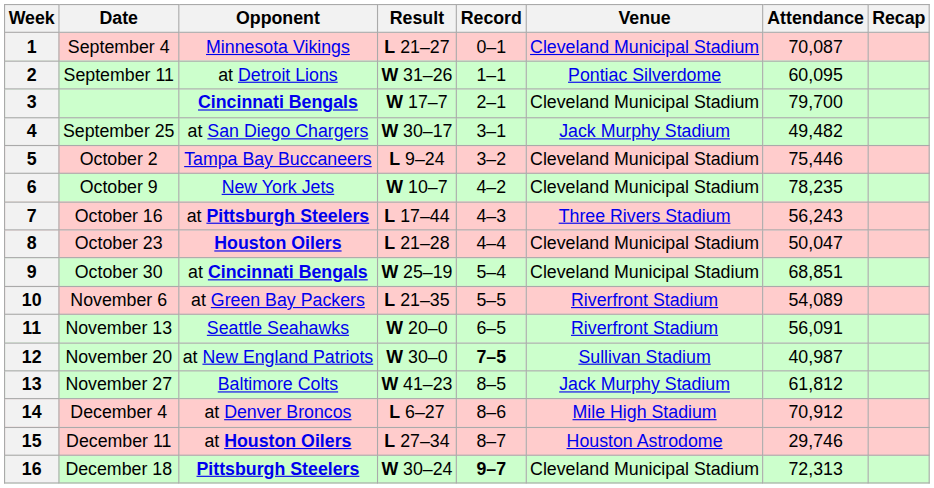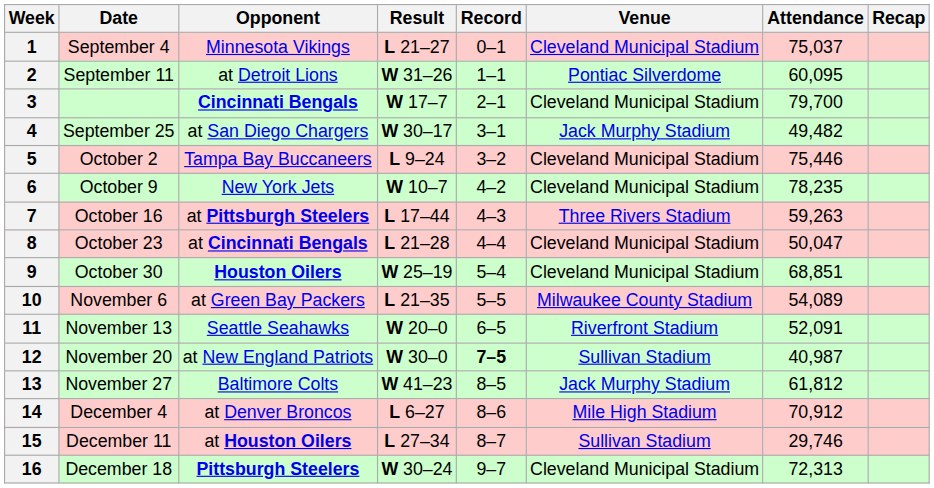 <table class="wikitable" style="text-align:center">
 <tr>
 <th>Week</th>
 <th>Date</th>
 <th>Opponent</th>
 <th>Result</th>
 <th>Record</th>
 <th>Venue</th>
 <th>Attendance</th>
 <th>Recap</th>
 </tr>
 <tr style="background:#fcc">
 <th>1</th>
 <td>September 4</td>
 <td><a href='#'>Minnesota Vikings</a></td>
 <td><strong>L</strong> 21–27</td>
 <td>0–1</td>
 <td><a href='#'>Cleveland Municipal Stadium</a></td>
-<td>70,087</td>
+<td>75,037</td>
 <td></td>
 </tr>
 <tr style="background:#cfc">
 <th>2</th>
 <td>September 11</td>
 <td>at <a href='#'>Detroit Lions</a></td>
 <td><strong>W</strong> 31–26</td>
 <td>1–1</td>
 <td><a href='#'>Pontiac Silverdome</a></td>
 <td>60,095</td>
 <td></td>
 </tr>
 <tr style="background:#cfc">
 <th>3</th>
 <td></td>
 <td><strong><a href='#'>Cincinnati Bengals</a></strong></td>
 <td><strong>W</strong> 17–7</td>
 <td>2–1</td>
 <td>Cleveland Municipal Stadium</td>
 <td>79,700</td>
 <td></td>
 </tr>
 <tr style="background:#cfc">
 <th>4</th>
 <td>September 25</td>
 <td>at <a href='#'>San Diego Chargers</a></td>
 <td><strong>W</strong> 30–17</td>
 <td>3–1</td>
 <td><a href='#'>Jack Murphy Stadium</a></td>
 <td>49,482</td>
 <td></td>
 </tr>
 <tr style="background:#fcc">
 <th>5</th>
 <td>October 2</td>
 <td><a href='#'>Tampa Bay Buccaneers</a></td>
 <td><strong>L</strong> 9–24</td>
 <td>3–2</td>
 <td>Cleveland Municipal Stadium</td>
 <td>75,446</td>
 <td></td>
 </tr>
 <tr style="background:#cfc">
 <th>6</th>
 <td>October 9</td>
 <td><a href='#'>New York Jets</a></td>
 <td><strong>W</strong> 10–7</td>
 <td>4–2</td>
 <td>Cleveland Municipal Stadium</td>
 <td>78,235</td>
 <td></td>
 </tr>
 <tr style="background:#fcc">
 <th>7</th>
 <td>October 16</td>
 <td>at <strong><a href='#'>Pittsburgh Steelers</a></strong></td>
 <td><strong>L</strong> 17–44</td>
 <td>4–3</td>
 <td><a href='#'>Three Rivers Stadium</a></td>
-<td>56,243</td>
+<td>59,263</td>
 <td></td>
 </tr>
 <tr style="background:#fcc">
 <th>8</th>
 <td>October 23</td>
-<td><strong><a href='#'>Houston Oilers</a></strong></td>
+<td>at <strong><a href='#'>Cincinnati Bengals</a></strong></td>
 <td><strong>L</strong> 21–28</td>
 <td>4–4</td>
 <td>Cleveland Municipal Stadium</td>
 <td>50,047</td>
 <td></td>
 </tr>
 <tr style="background:#cfc">
 <th>9</th>
 <td>October 30</td>
-<td>at <strong><a href='#'>Cincinnati Bengals</a></strong></td>
+<td><strong><a href='#'>Houston Oilers</a></strong></td>
 <td><strong>W</strong> 25–19</td>
 <td>5–4</td>
 <td>Cleveland Municipal Stadium</td>
 <td>68,851</td>
 <td></td>
 </tr>
 <tr style="background:#fcc">
 <th>10</th>
 <td>November 6</td>
 <td>at <a href='#'>Green Bay Packers</a></td>
 <td><strong>L</strong> 21–35</td>
 <td>5–5</td>
-<td><a href='#'>Riverfront Stadium</a></td>
+<td><a href='#'>Milwaukee County Stadium</a></td>
 <td>54,089</td>
 <td></td>
 </tr>
 <tr style="background:#cfc">
 <th>11</th>
 <td>November 13</td>
 <td><a href='#'>Seattle Seahawks</a></td>
 <td><strong>W</strong> 20–0</td>
 <td>6–5</td>
 <td><a href='#'>Riverfront Stadium</a></td>
-<td>56,091</td>
+<td>52,091</td>
 <td></td>
 </tr>
 <tr style="background:#cfc">
 <th>12</th>
 <td>November 20</td>
 <td>at <a href='#'>New England Patriots</a></td>
 <td><strong>W</strong> 30–0</td>
 <td><strong>7–5</strong></td>
 <td><a href='#'>Sullivan Stadium</a></td>
 <td>40,987</td>
 <td></td>
 </tr>
 <tr style="background:#cfc">
 <th>13</th>
 <td>November 27</td>
 <td><a href='#'>Baltimore Colts</a></td>
 <td><strong>W</strong> 41–23</td>
 <td>8–5</td>
 <td><a href='#'>Jack Murphy Stadium</a></td>
 <td>61,812</td>
 <td></td>
 </tr>
 <tr style="background:#fcc">
 <th>14</th>
 <td>December 4</td>
 <td>at <a href='#'>Denver Broncos</a></td>
 <td><strong>L</strong> 6–27</td>
 <td>8–6</td>
 <td><a href='#'>Mile High Stadium</a></td>
 <td>70,912</td>
 <td></td>
 </tr>
 <tr style="background:#fcc">
 <th>15</th>
 <td>December 11</td>
 <td>at <strong><a href='#'>Houston Oilers</a></strong></td>
 <td><strong>L</strong> 27–34</td>
 <td>8–7</td>
-<td><a href='#'>Houston Astrodome</a></td>
+<td><a href='#'>Sullivan Stadium</a></td>
 <td>29,746</td>
 <td></td>
 </tr>
 <tr style="background:#cfc">
 <th>16</th>
 <td>December 18</td>
 <td><strong><a href='#'>Pittsburgh Steelers</a></strong></td>
 <td><strong>W</strong> 30–24</td>
-<td><strong>9–7</strong></td>
+<td>9–7</td>
 <td>Cleveland Municipal Stadium</td>
 <td>72,313</td>
 <td></td>
 </tr>
 </table>
